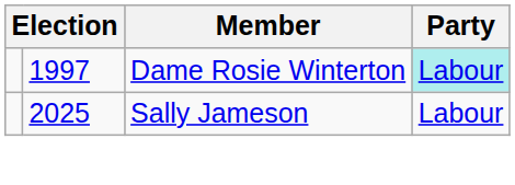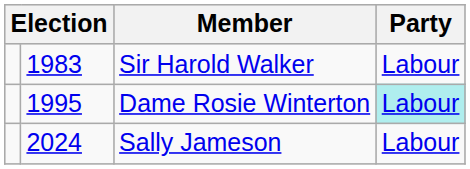 <table class="wikitable">
 <tr>
 <th colspan="2">Election</th>
 <th>Member</th>
 <th>Party</th>
 </tr>
 <tr>
 <td style="color:inherit;background-color: "></td>
-<td><a href='#'>1997</a></td>
+<td><a href='#'>1983</a></td>
+<td><a href='#'>Sir Harold Walker</a></td>
+<td><a href='#'>Labour</a></td>
+</tr>
+<tr>
+<td style="color:inherit;background-color: "></td>
+<td><a href='#'>1995</a></td>
 <td><a href='#'>Dame Rosie Winterton</a></td>
 <td style="background: paleturquoise;"><a href='#'>Labour</a></td>
 </tr>
 <tr>
 <td style="color:inherit;background-color: "></td>
-<td><a href='#'>2025</a></td>
+<td><a href='#'>2024</a></td>
 <td><a href='#'>Sally Jameson</a></td>
 <td><a href='#'>Labour</a></td>
 </tr>
 </table>
